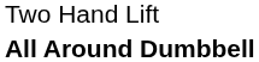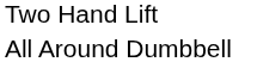 <table>
 <tr>
 <td>Two Hand Lift <br></td>
 <td></td>
 <td></td>
 <td></td>
 </tr>
 <tr>
-<td><strong>All Around Dumbbell <br> </strong></td>
+<td>All Around Dumbbell <br> </td>
 <td></td>
 <td></td>
 <td></td>
 </tr>
 </table>
